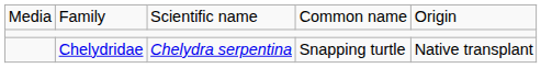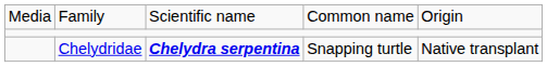 <table class="wikitable">
 <tr>
 <td>Media</td>
 <td>Family</td>
 <td>Scientific name</td>
 <td>Common name</td>
 <td>Origin</td>
 </tr>
 <tr>
 <td colspan="5"></td>
 </tr>
 <tr>
 <td></td>
 <td><a href='#'>Chelydridae</a></td>
-<td><em><a href='#'>Chelydra serpentina</a></em></td>
+<td><strong><em><a href='#'>Chelydra serpentina</a></em></strong></td>
 <td>Snapping turtle</td>
 <td>Native transplant</td>
 </tr>
 </table>
